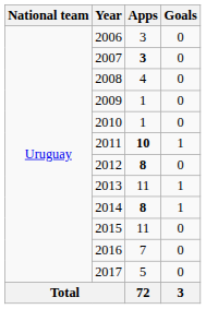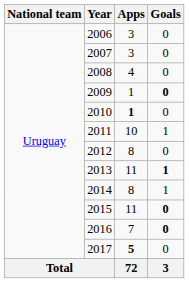 <table class=wikitable style=text-align:center>
 <tr>
 <th>National team</th>
 <th>Year</th>
 <th>Apps</th>
 <th>Goals</th>
 </tr>
 <tr>
 <td rowspan=12><a href='#'>Uruguay</a></td>
 <td>2006</td>
 <td>3</td>
 <td>0</td>
 </tr>
 <tr>
 <td>2007</td>
-<td><strong>3</strong></td>
+<td>3</td>
 <td>0</td>
 </tr>
 <tr>
 <td>2008</td>
 <td>4</td>
 <td>0</td>
 </tr>
 <tr>
 <td>2009</td>
 <td>1</td>
-<td>0</td>
+<td><strong>0</strong></td>
 </tr>
 <tr>
 <td>2010</td>
-<td>1</td>
+<td><strong>1</strong></td>
 <td>0</td>
 </tr>
 <tr>
 <td>2011</td>
-<td><strong>10</strong></td>
+<td>10</td>
 <td>1</td>
 </tr>
 <tr>
 <td>2012</td>
-<td><strong>8</strong></td>
+<td>8</td>
 <td>0</td>
 </tr>
 <tr>
 <td>2013</td>
 <td>11</td>
-<td>1</td>
+<td><strong>1</strong></td>
 </tr>
 <tr>
 <td>2014</td>
-<td><strong>8</strong></td>
+<td>8</td>
 <td>1</td>
 </tr>
 <tr>
 <td>2015</td>
 <td>11</td>
-<td>0</td>
+<td><strong>0</strong></td>
 </tr>
 <tr>
 <td>2016</td>
 <td>7</td>
-<td>0</td>
+<td><strong>0</strong></td>
 </tr>
 <tr>
 <td>2017</td>
-<td>5</td>
+<td><strong>5</strong></td>
 <td>0</td>
 </tr>
 <tr>
 <th colspan=2>Total</th>
 <th>72</th>
 <th>3</th>
 </tr>
 </table>
